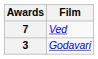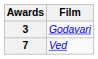 <table class="wikitable" style="display:inline-table;">
 <tr>
 <th>Awards</th>
 <th>Film</th>
 </tr>
 <tr>
+<th>3</th>
+<td><a href='#'><em>Godavari</em></a></td>
+</tr>
+<tr>
 <th>7</th>
 <td><a href='#'><em>Ved</em></a></td>
 </tr>
-<tr>
-<th>3</th>
-<td><a href='#'><em>Godavari</em></a></td>
-</tr>
 </table>
